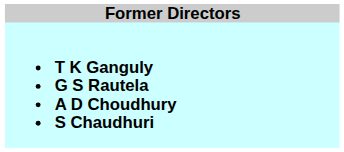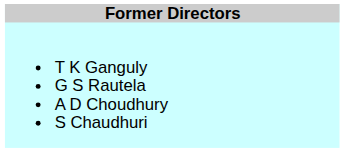 <table class="toccolours" style="float: right; margin-right: 1em; font-size: 85%; background:#CCFFFF; color:black; width:20em; max-width: 25%;" cellspacing="0" cellpadding="0">
 <tr>
 <th style="background-color:#cccccc;">Former Directors</th>
 </tr>
 <tr>
-<td style="text-align: left;"><strong><br><ul><li>T K Ganguly</li><li>G S Rautela</li><li>A D Choudhury</li><li>S Chaudhuri</li></ul></strong></td>
+<td style="text-align: left;"><br><ul><li>T K Ganguly</li><li>G S Rautela</li><li>A D Choudhury</li><li>S Chaudhuri</li></ul></td>
 </tr>
 </table>
